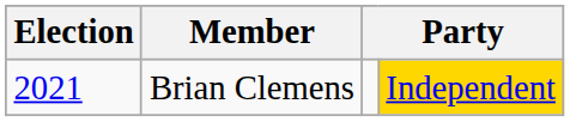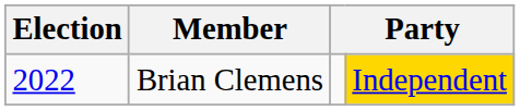 <table class="wikitable">
 <tr>
 <th>Election</th>
 <th>Member</th>
 <th colspan="2">Party</th>
 </tr>
 <tr>
-<td><a href='#'>2021</a></td>
+<td><a href='#'>2022</a></td>
 <td>Brian Clemens</td>
 <td style="background-color: "></td>
 <td style="background: gold;"><a href='#'>Independent</a></td>
 </tr>
 </table>
